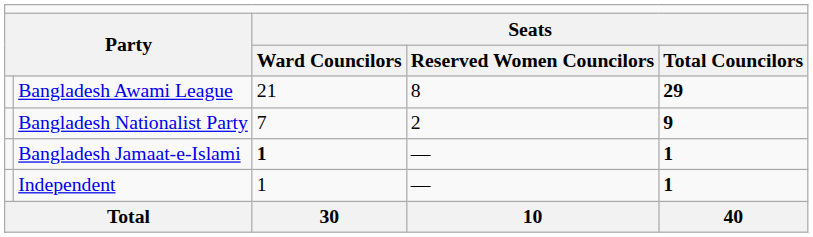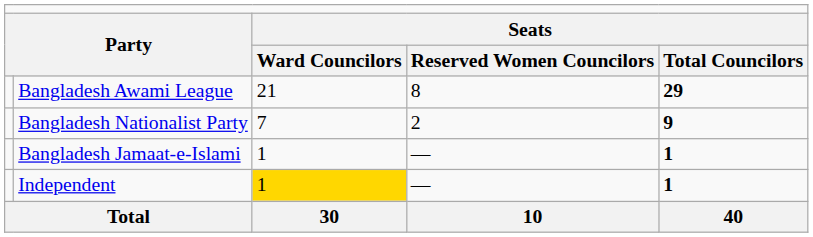 <table class="wikitable">
 <tr>
 <td colspan="5"></td>
 </tr>
 <tr>
 <th colspan="2" rowspan="2">Party</th>
 <th colspan="3">Seats</th>
 </tr>
 <tr>
 <th>Ward Councilors</th>
 <th>Reserved Women Councilors</th>
 <th>Total Councilors</th>
 </tr>
 <tr>
 <td></td>
 <td><a href='#'>Bangladesh Awami League</a></td>
 <td>21</td>
 <td>8</td>
 <td><strong>29</strong></td>
 </tr>
 <tr>
 <td></td>
 <td><a href='#'>Bangladesh Nationalist Party</a></td>
 <td>7</td>
 <td>2</td>
 <td><strong>9</strong></td>
 </tr>
 <tr>
 <td></td>
 <td><a href='#'>Bangladesh Jamaat-e-Islami</a></td>
-<td><strong>1</strong></td>
+<td>1</td>
 <td>—</td>
 <td><strong>1</strong></td>
 </tr>
 <tr>
 <td></td>
 <td><a href='#'>Independent</a></td>
-<td>1</td>
+<td style="background: gold;">1</td>
 <td>—</td>
 <td><strong>1</strong></td>
 </tr>
 <tr>
 <th colspan="2">Total</th>
 <th>30</th>
 <th>10</th>
 <th>40</th>
 </tr>
 </table>
